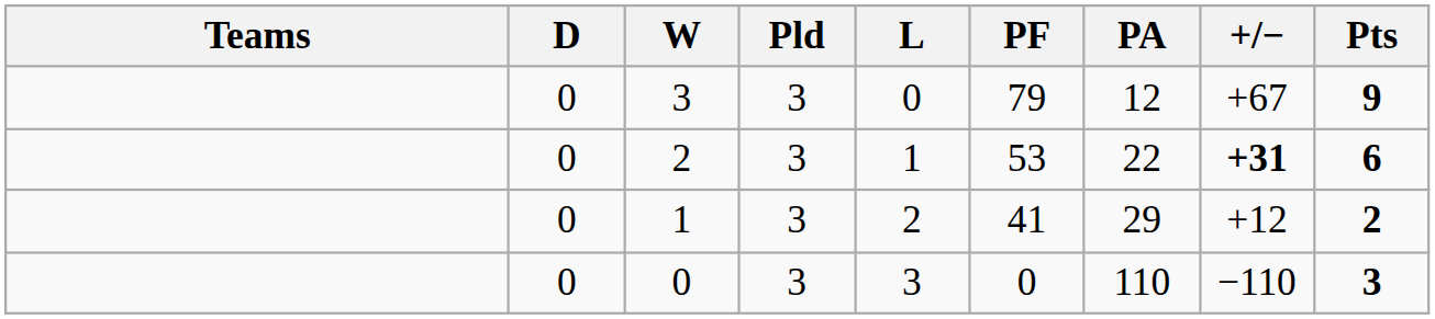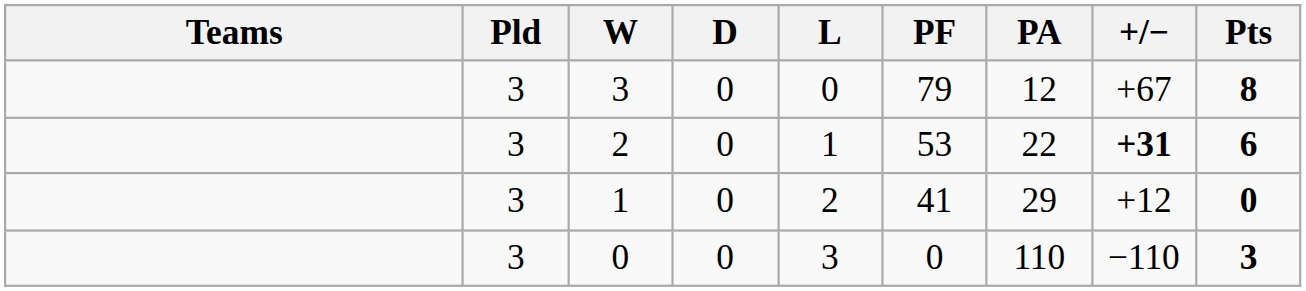 <table class="wikitable" style="text-align: center;">
 <tr>
 <th width="200">Teams</th>
+<th width="40">Pld</th>
+<th width="40">W</th>
 <th width="40">D</th>
-<th width="40">W</th>
-<th width="40">Pld</th>
 <th width="40">L</th>
 <th width="40">PF</th>
 <th width="40">PA</th>
 <th width="40">+/−</th>
 <th width="40">Pts</th>
 </tr>
 <tr>
 <td align=left></td>
-<td>0</td>
 <td>3</td>
 <td>3</td>
+<td>0</td>
 <td>0</td>
 <td>79</td>
 <td>12</td>
 <td>+67</td>
-<td><strong>9</strong></td>
+<td><strong>8</strong></td>
 </tr>
 <tr>
 <td align=left></td>
+<td>3</td>
+<td>2</td>
 <td>0</td>
-<td>2</td>
-<td>3</td>
 <td>1</td>
 <td>53</td>
 <td>22</td>
 <td><strong>+31</strong></td>
 <td><strong>6</strong></td>
 </tr>
 <tr>
 <td align=left></td>
+<td>3</td>
+<td>1</td>
 <td>0</td>
-<td>1</td>
-<td>3</td>
 <td>2</td>
 <td>41</td>
 <td>29</td>
 <td>+12</td>
-<td><strong>2</strong></td>
+<td><strong>0</strong></td>
 </tr>
 <tr>
 <td align=left></td>
+<td>3</td>
 <td>0</td>
 <td>0</td>
-<td>3</td>
 <td>3</td>
 <td>0</td>
 <td>110</td>
 <td>−110</td>
 <td><strong>3</strong></td>
 </tr>
 </table>
